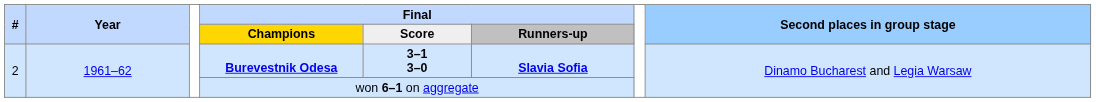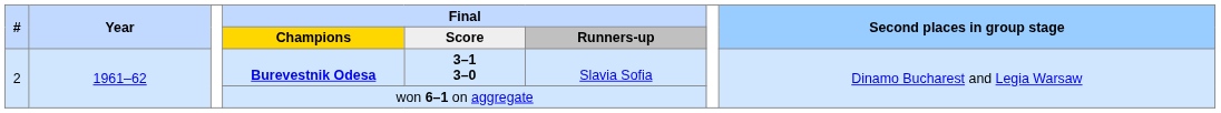 <table border=1 style="border-collapse:collapse; font-size:90%; text-align:center;" cellpadding=3 cellspacing=0 width=100%>
 <tr bgcolor=#C1D8FF>
 <th rowspan=2 width=2%>#</th>
 <th colspan="2" rowspan="2" width="15%">Year</th>
 <th width=1% rowspan=4 bgcolor=ffffff></th>
 <th colspan=3>Final</th>
 <th width=1% rowspan=4 bgcolor=ffffff></th>
 <th colspan="3" rowspan="2" bgcolor="9acdff">Second places in group stage</th>
 </tr>
 <tr bgcolor=#EFEFEF>
 <th width=15% bgcolor=gold>Champions</th>
 <th width=10%>Score</th>
 <th width=15% bgcolor=silver>Runners-up</th>
 </tr>
 <tr style="background:#D0E6FF;">
 <td rowspan="2">2</td>
 <td colspan="2" rowspan="2"><a href='#'>1961–62</a></td>
 <td><strong> <br> <a href='#'>Burevestnik Odesa</a></strong></td>
 <td><strong>3–1</strong><br><strong>3–0</strong></td>
-<td><strong> <br> <a href='#'>Slavia Sofia</a></strong></td>
+<td> <br> <a href='#'>Slavia Sofia</a></td>
 <td colspan="3" rowspan="2"> <a href='#'>Dinamo Bucharest</a> and  <a href='#'>Legia Warsaw</a></td>
 </tr>
 <tr style="background:#D0E6FF;">
 <td colspan=3>won <strong>6–1</strong> on <a href='#'>aggregate</a></td>
 </tr>
 </table>
